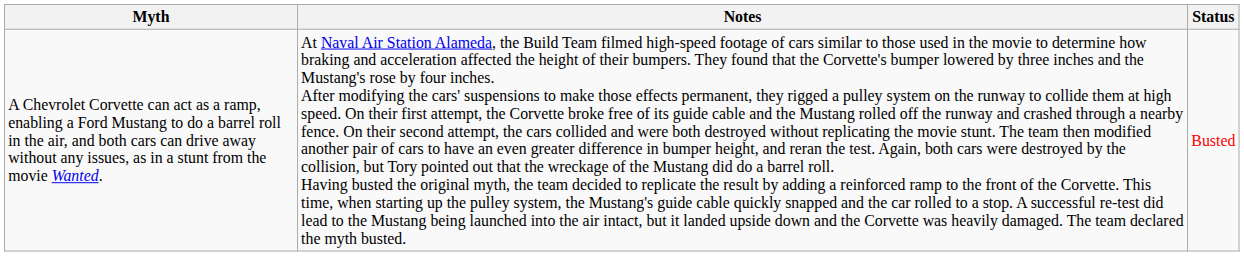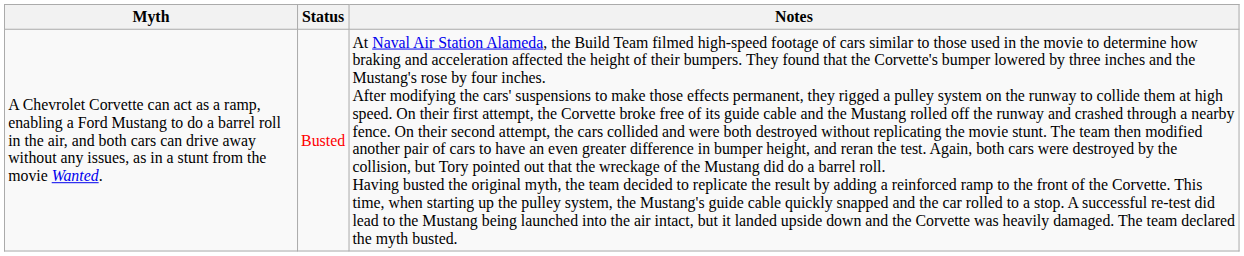 <table class="wikitable plainrowheaders">
 <tr>
 <th scope"col">Myth</th>
+<th scope"col">Status</th>
 <th scope"col">Notes</th>
-<th scope"col">Status</th>
 </tr>
 <tr>
 <td scope"row">A Chevrolet Corvette can act as a ramp, enabling a Ford Mustang to do a barrel roll in the air, and both cars can drive away without any issues, as in a stunt from the movie <em><a href='#'>Wanted</a></em>.</td>
+<td style="color:red">Busted</td>
 <td>At <a href='#'>Naval Air Station Alameda</a>, the Build Team filmed high-speed footage of cars similar to those used in the movie to determine how braking and acceleration affected the height of their bumpers. They found that the Corvette's bumper lowered by three inches and the Mustang's rose by four inches.<br>After modifying the cars' suspensions to make those effects permanent, they rigged a pulley system on the runway to collide them at high speed. On their first attempt, the Corvette broke free of its guide cable and the Mustang rolled off the runway and crashed through a nearby fence. On their second attempt, the cars collided and were both destroyed without replicating the movie stunt. The team then modified another pair of cars to have an even greater difference in bumper height, and reran the test. Again, both cars were destroyed by the collision, but Tory pointed out that the wreckage of the Mustang did do a barrel roll.<br>Having busted the original myth, the team decided to replicate the result by adding a reinforced ramp to the front of the Corvette. This time, when starting up the pulley system, the Mustang's guide cable quickly snapped and the car rolled to a stop. A successful re-test did lead to the Mustang being launched into the air intact, but it landed upside down and the Corvette was heavily damaged. The team declared the myth busted.</td>
-<td style="color:red">Busted</td>
 </tr>
 </table>
